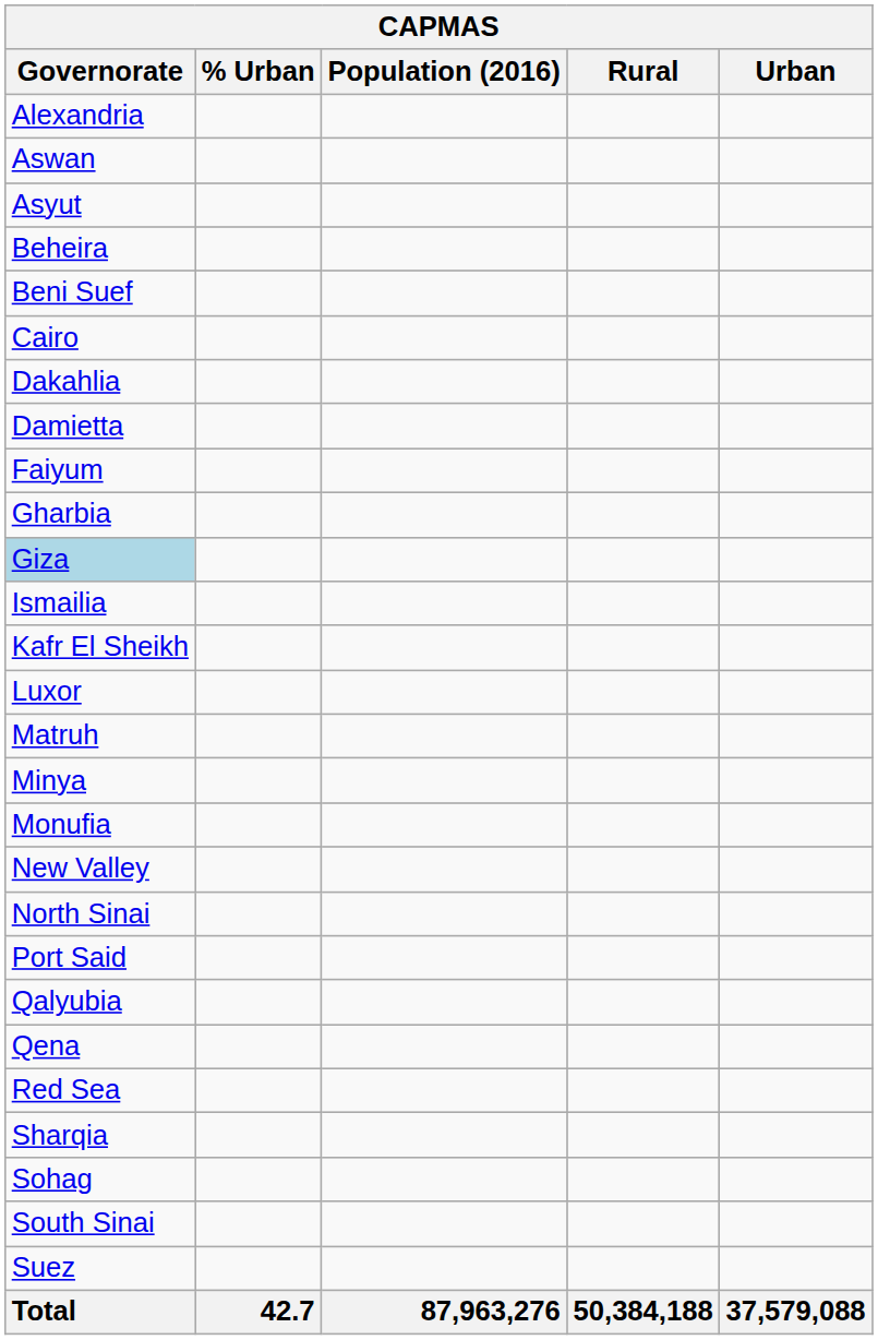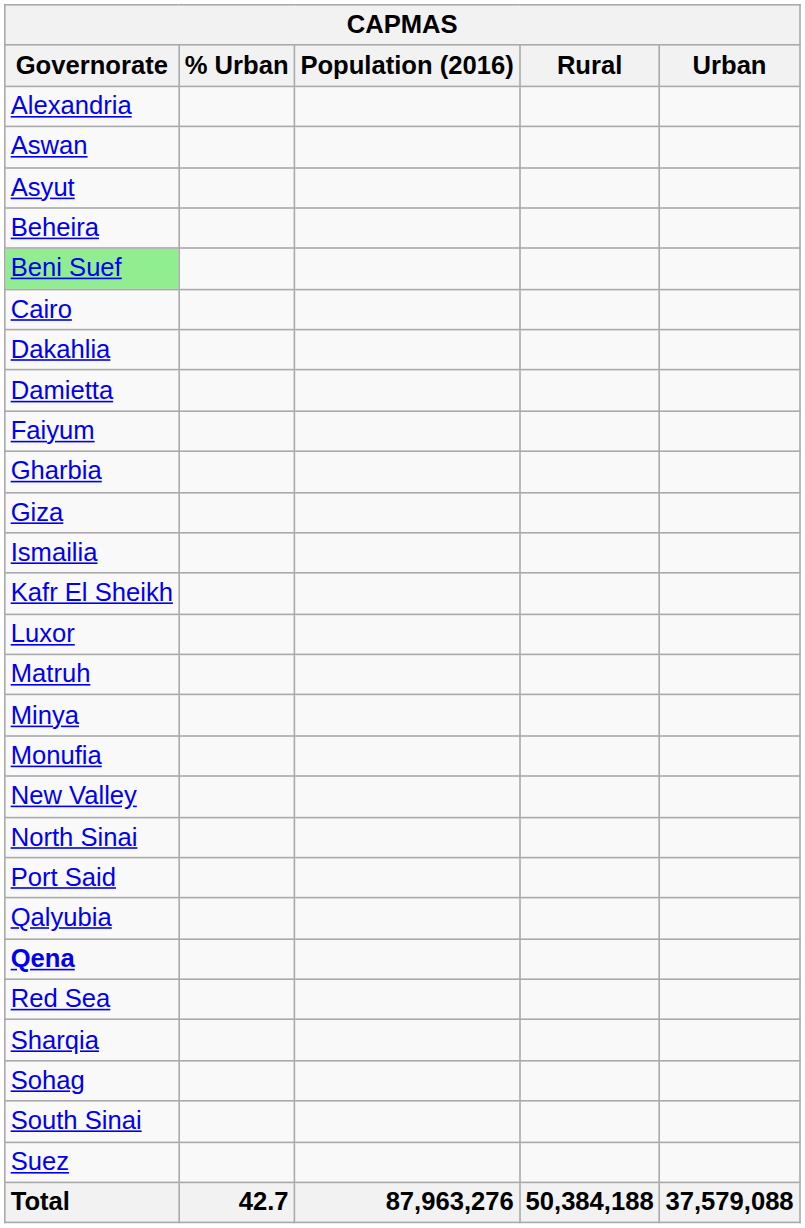 <table class="wikitable sortable">
 <tr>
 <th colspan="5">CAPMAS</th>
 </tr>
 <tr>
 <th>Governorate</th>
 <th>% Urban</th>
 <th>Population (2016)</th>
 <th>Rural</th>
 <th>Urban</th>
 </tr>
 <tr>
 <td><a href='#'>Alexandria</a></td>
 <td align = right></td>
 <td align = right></td>
 <td align = right></td>
 <td align = right></td>
 </tr>
 <tr>
 <td><a href='#'>Aswan</a></td>
 <td align = right></td>
 <td align = right></td>
 <td align = right></td>
 <td align = right></td>
 </tr>
 <tr>
 <td><a href='#'>Asyut</a></td>
 <td align = right></td>
 <td align = right></td>
 <td align = right></td>
 <td align = right></td>
 </tr>
 <tr>
 <td><a href='#'>Beheira</a></td>
 <td align = right></td>
 <td align = right></td>
 <td align = right></td>
 <td align = right></td>
 </tr>
 <tr>
-<td><a href='#'>Beni Suef</a></td>
+<td style="background: lightgreen;"><a href='#'>Beni Suef</a></td>
 <td align = right></td>
 <td align = right></td>
 <td align = right></td>
 <td align = right></td>
 </tr>
 <tr>
 <td><a href='#'>Cairo</a></td>
 <td align = right></td>
 <td align = right></td>
 <td align = right></td>
 <td align = right></td>
 </tr>
 <tr>
 <td><a href='#'>Dakahlia</a></td>
 <td align = right></td>
 <td align = right></td>
 <td align = right></td>
 <td align = right></td>
 </tr>
 <tr>
 <td><a href='#'>Damietta</a></td>
 <td align = right></td>
 <td align = right></td>
 <td align = right></td>
 <td align = right></td>
 </tr>
 <tr>
 <td><a href='#'>Faiyum</a></td>
 <td align = right></td>
 <td align = right></td>
 <td align = right></td>
 <td align = right></td>
 </tr>
 <tr>
 <td><a href='#'>Gharbia</a></td>
 <td align = right></td>
 <td align = right></td>
 <td align = right></td>
 <td align = right></td>
 </tr>
 <tr>
-<td style="background: lightblue;"><a href='#'>Giza</a></td>
+<td><a href='#'>Giza</a></td>
 <td align = right></td>
 <td align = right></td>
 <td align = right></td>
 <td align = right></td>
 </tr>
 <tr>
 <td><a href='#'>Ismailia</a></td>
 <td align = right></td>
 <td align = right></td>
 <td align = right></td>
 <td align = right></td>
 </tr>
 <tr>
 <td><a href='#'>Kafr El Sheikh</a></td>
 <td align = right></td>
 <td align = right></td>
 <td align = right></td>
 <td align = right></td>
 </tr>
 <tr>
 <td><a href='#'>Luxor</a></td>
 <td align = right></td>
 <td align = right></td>
 <td align = right></td>
 <td align = right></td>
 </tr>
 <tr>
 <td><a href='#'>Matruh</a></td>
 <td align = right></td>
 <td align = right></td>
 <td align = right></td>
 <td align = right></td>
 </tr>
 <tr>
 <td><a href='#'>Minya</a></td>
 <td align = right></td>
 <td align = right></td>
 <td align = right></td>
 <td align = right></td>
 </tr>
 <tr>
 <td><a href='#'>Monufia</a></td>
 <td align = right></td>
 <td align = right></td>
 <td align = right></td>
 <td align = right></td>
 </tr>
 <tr>
 <td><a href='#'>New Valley</a></td>
 <td align = right></td>
 <td align = right></td>
 <td align = right></td>
 <td align = right></td>
 </tr>
 <tr>
 <td><a href='#'>North Sinai</a></td>
 <td align = right></td>
 <td align = right></td>
 <td align = right></td>
 <td align = right></td>
 </tr>
 <tr>
 <td><a href='#'>Port Said</a></td>
 <td align = right></td>
 <td align = right></td>
 <td align = right></td>
 <td align = right></td>
 </tr>
 <tr>
 <td><a href='#'>Qalyubia</a></td>
 <td align = right></td>
 <td align = right></td>
 <td align = right></td>
 <td align = right></td>
 </tr>
 <tr>
-<td><a href='#'>Qena</a></td>
+<td><strong><a href='#'>Qena</a></strong></td>
 <td align = right></td>
 <td align = right></td>
 <td align = right></td>
 <td align = right></td>
 </tr>
 <tr>
 <td><a href='#'>Red Sea</a></td>
 <td align = right></td>
 <td align = right></td>
 <td align = right></td>
 <td align = right></td>
 </tr>
 <tr>
 <td><a href='#'>Sharqia</a></td>
 <td align = right></td>
 <td align = right></td>
 <td align = right></td>
 <td align = right></td>
 </tr>
 <tr>
 <td><a href='#'>Sohag</a></td>
 <td align = right></td>
 <td align = right></td>
 <td align = right></td>
 <td align = right></td>
 </tr>
 <tr>
 <td><a href='#'>South Sinai</a></td>
 <td align = right></td>
 <td align = right></td>
 <td align = right></td>
 <td align = right></td>
 </tr>
 <tr>
 <td><a href='#'>Suez</a></td>
 <td align = right></td>
 <td align = right></td>
 <td align = right></td>
 <td align = right></td>
 </tr>
 <tr class="sortbottom">
 <th style="text-align:left;">Total</th>
 <th style="text-align:right;">42.7</th>
 <th style="text-align:right;">87,963,276</th>
 <th style="text-align:right;">50,384,188</th>
 <th style="text-align:right;">37,579,088</th>
 </tr>
 </table>
